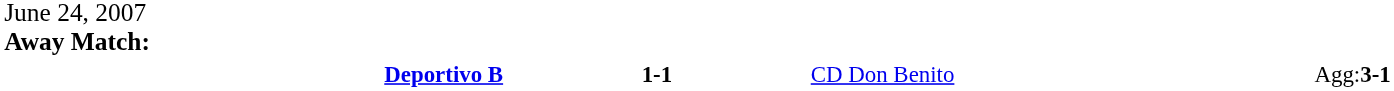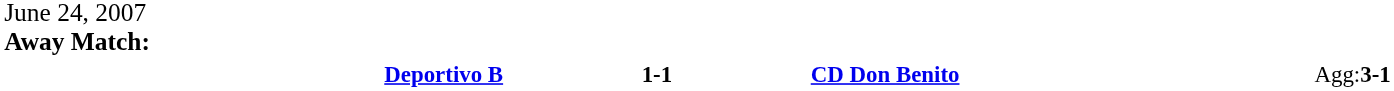 <table width=100% cellspacing=1>
 <tr>
 <th width=20%></th>
 <th width=12%></th>
 <th width=20%></th>
 <th></th>
 </tr>
 <tr>
 <td>June 24, 2007<br><strong>Away Match:</strong></td>
 </tr>
 <tr style=font-size:90%>
 <td align=right><strong><a href='#'>Deportivo B</a></strong></td>
 <td align=center><strong>1-1</strong></td>
-<td><a href='#'>CD Don Benito</a></td>
+<td><strong><a href='#'>CD Don Benito</a></strong></td>
 <td>Agg:<strong>3-1</strong></td>
 </tr>
 </table>
